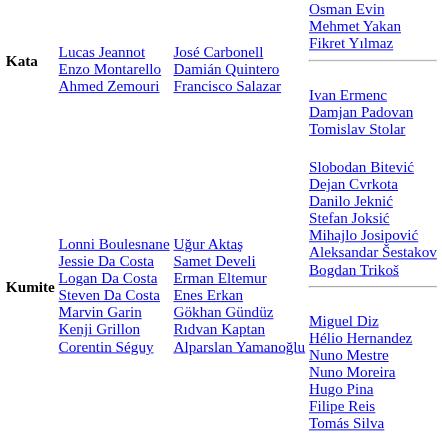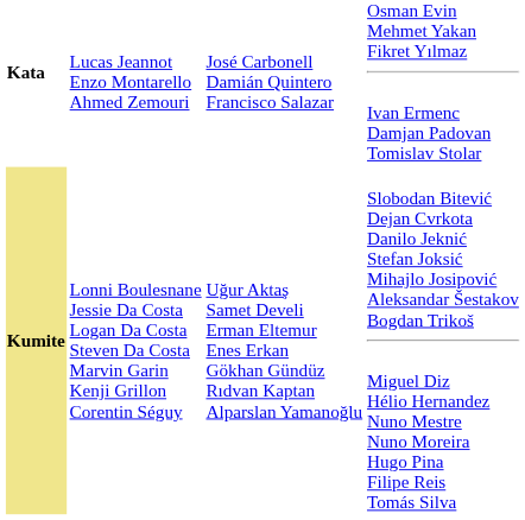 <table>
 <tr>
 <td><strong>Kata</strong></td>
 <td><br><a href='#'>Lucas Jeannot</a><br><a href='#'>Enzo Montarello</a><br><a href='#'>Ahmed Zemouri</a></td>
 <td><br><a href='#'>José Carbonell</a><br><a href='#'>Damián Quintero</a><br><a href='#'>Francisco Salazar</a></td>
 <td><br><a href='#'>Osman Evin</a><br><a href='#'>Mehmet Yakan</a><br><a href='#'>Fikret Yılmaz</a><hr><br><a href='#'>Ivan Ermenc</a><br><a href='#'>Damjan Padovan</a><br><a href='#'>Tomislav Stolar</a></td>
 </tr>
 <tr>
-<td><strong>Kumite</strong></td>
+<td style="background: khaki;"><strong>Kumite</strong></td>
 <td><br><a href='#'>Lonni Boulesnane</a><br><a href='#'>Jessie Da Costa</a><br><a href='#'>Logan Da Costa</a><br><a href='#'>Steven Da Costa</a><br><a href='#'>Marvin Garin</a><br><a href='#'>Kenji Grillon</a><br><a href='#'>Corentin Séguy</a></td>
 <td><br><a href='#'>Uğur Aktaş</a><br><a href='#'>Samet Develi</a><br><a href='#'>Erman Eltemur</a><br><a href='#'>Enes Erkan</a><br><a href='#'>Gökhan Gündüz</a><br><a href='#'>Rıdvan Kaptan</a><br><a href='#'>Alparslan Yamanoğlu</a></td>
 <td><br><a href='#'>Slobodan Bitević</a><br><a href='#'>Dejan Cvrkota</a><br><a href='#'>Danilo Jeknić</a><br><a href='#'>Stefan Joksić</a><br><a href='#'>Mihajlo Josipović</a><br><a href='#'>Aleksandar Šestakov</a><br><a href='#'>Bogdan Trikoš</a><hr><br><a href='#'>Miguel Diz</a><br><a href='#'>Hélio Hernandez</a><br><a href='#'>Nuno Mestre</a><br><a href='#'>Nuno Moreira</a><br><a href='#'>Hugo Pina</a><br><a href='#'>Filipe Reis</a><br><a href='#'>Tomás Silva</a></td>
 </tr>
 </table>
